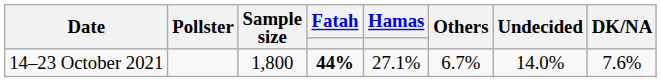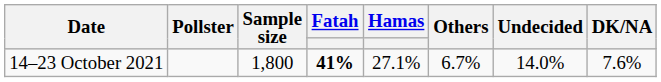 <table class="wikitable" style="text-align:center;font-size:85%;line-height:13px">
 <tr>
 <th rowspan="2">Date</th>
 <th rowspan="2">Pollster</th>
 <th rowspan="2">Sample<br>size</th>
 <th style="width:35px;"><a href='#'>Fatah</a></th>
 <th style="width:35px;"><a href='#'>Hamas</a></th>
 <th style="width:35px;" rowspan="2">Others</th>
 <th style="width:35px;" rowspan="2">Undecided</th>
 <th style="width:35px;" rowspan="2">DK/NA</th>
 </tr>
 <tr>
 <th style="background:"></th>
 <th style="background:"></th>
 </tr>
 <tr>
 <td>14–23 October 2021</td>
 <td></td>
 <td>1,800</td>
-<td><strong>44%</strong></td>
+<td><strong>41%</strong></td>
 <td>27.1%</td>
 <td>6.7%</td>
 <td>14.0%</td>
 <td>7.6%</td>
 </tr>
 </table>
